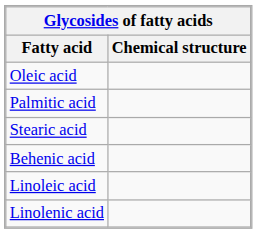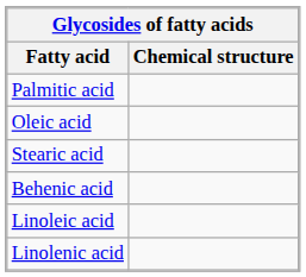 <table class="wikitable sortable" style="font-size:smaller; text-align:left; inlineTable; display: inline-block; vertical-align: top">
 <tr>
 <th colspan=2><a href='#'>Glycosides</a> of fatty acids</th>
 </tr>
 <tr>
 <th scope="col">Fatty acid</th>
 <th scope="col" class="unsortable">Chemical structure</th>
 </tr>
 <tr>
-<td><a href='#'>Oleic acid</a></td>
+<td><a href='#'>Palmitic acid</a></td>
 <td></td>
 </tr>
 <tr>
-<td><a href='#'>Palmitic acid</a></td>
+<td><a href='#'>Oleic acid</a></td>
 <td></td>
 </tr>
 <tr>
 <td><a href='#'>Stearic acid</a></td>
 <td></td>
 </tr>
 <tr>
 <td><a href='#'>Behenic acid</a></td>
 <td></td>
 </tr>
 <tr>
 <td><a href='#'>Linoleic acid</a></td>
 <td></td>
 </tr>
 <tr>
 <td><a href='#'>Linolenic acid</a></td>
 <td></td>
 </tr>
 </table>
